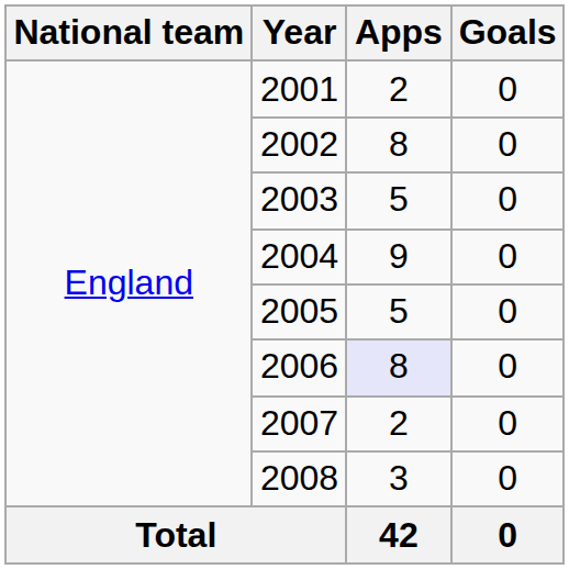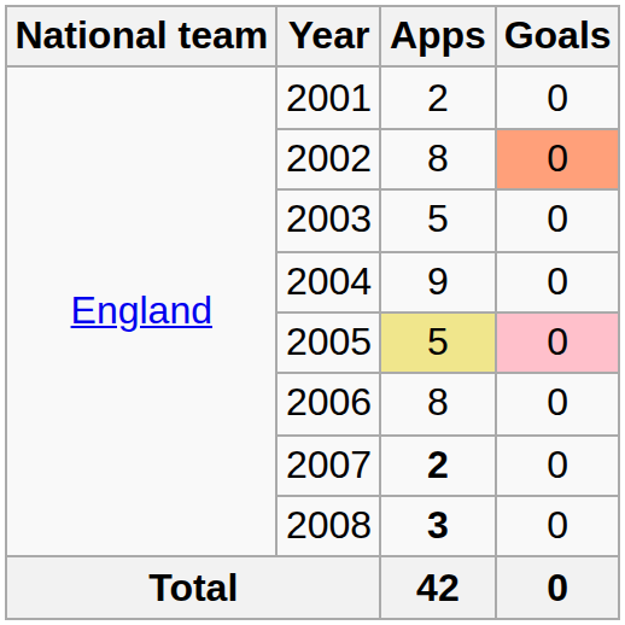 <table class="wikitable" style="text-align: center;">
 <tr>
 <th>National team</th>
 <th>Year</th>
 <th>Apps</th>
 <th>Goals</th>
 </tr>
 <tr>
 <td rowspan="8"><a href='#'>England</a></td>
 <td>2001</td>
 <td>2</td>
 <td>0</td>
 </tr>
 <tr>
 <td>2002</td>
 <td>8</td>
-<td>0</td>
+<td style="background: lightsalmon;">0</td>
 </tr>
 <tr>
 <td>2003</td>
 <td>5</td>
 <td>0</td>
 </tr>
 <tr>
 <td>2004</td>
 <td>9</td>
 <td>0</td>
 </tr>
 <tr>
 <td>2005</td>
-<td>5</td>
-<td>0</td>
+<td style="background: khaki;">5</td>
+<td style="background: pink;">0</td>
 </tr>
 <tr>
 <td>2006</td>
-<td style="background: lavender;">8</td>
+<td>8</td>
 <td>0</td>
 </tr>
 <tr>
 <td>2007</td>
-<td>2</td>
+<td><strong>2</strong></td>
 <td>0</td>
 </tr>
 <tr>
 <td>2008</td>
-<td>3</td>
+<td><strong>3</strong></td>
 <td>0</td>
 </tr>
 <tr>
 <th colspan="2">Total</th>
 <th>42</th>
 <th>0</th>
 </tr>
 </table>
